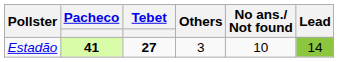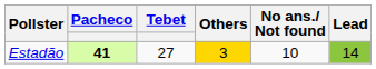 <table class="wikitable sortable" style="text-align:center;font-size:90%;line-height:14px;">
 <tr>
 <th rowspan="2">Pollster</th>
 <th class="unsortable" style="width:50px;"><a href='#'>Pacheco</a><br></th>
 <th class="unsortable" style="width:50px;"><a href='#'>Tebet</a><br></th>
 <th rowspan="2" class="unsortable">Others</th>
 <th rowspan="2" class="unsortable">No ans./<br>Not found</th>
 <th rowspan="2" data-sort-type="number">Lead</th>
 </tr>
 <tr>
 <th data-sort-type="number" class="sortable" style="background:"></th>
 <th data-sort-type="number" class="sortable" style="background:"></th>
 </tr>
 <tr>
 <td><em><a href='#'>Estadão</a></em></td>
 <td style="background:#D9FCA9;"><strong>41</strong></td>
-<td><strong>27</strong></td>
-<td>3</td>
+<td>27</td>
+<td style="background: gold;">3</td>
 <td>10</td>
 <td style="background:#8CC63E;">14</td>
 </tr>
 </table>
